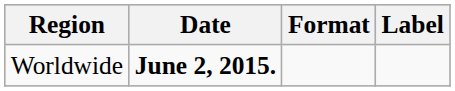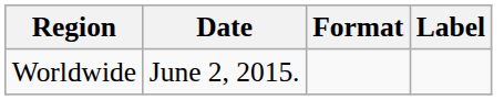 <table class="wikitable plainrowheaders">
 <tr>
 <th>Region</th>
 <th>Date</th>
 <th>Format</th>
 <th>Label</th>
 </tr>
 <tr>
 <td>Worldwide</td>
-<td><strong>June 2, 2015.</strong></td>
+<td>June 2, 2015.</td>
 <td rowspan=1></td>
 <td rowspan=2></td>
 </tr>
 </table>
